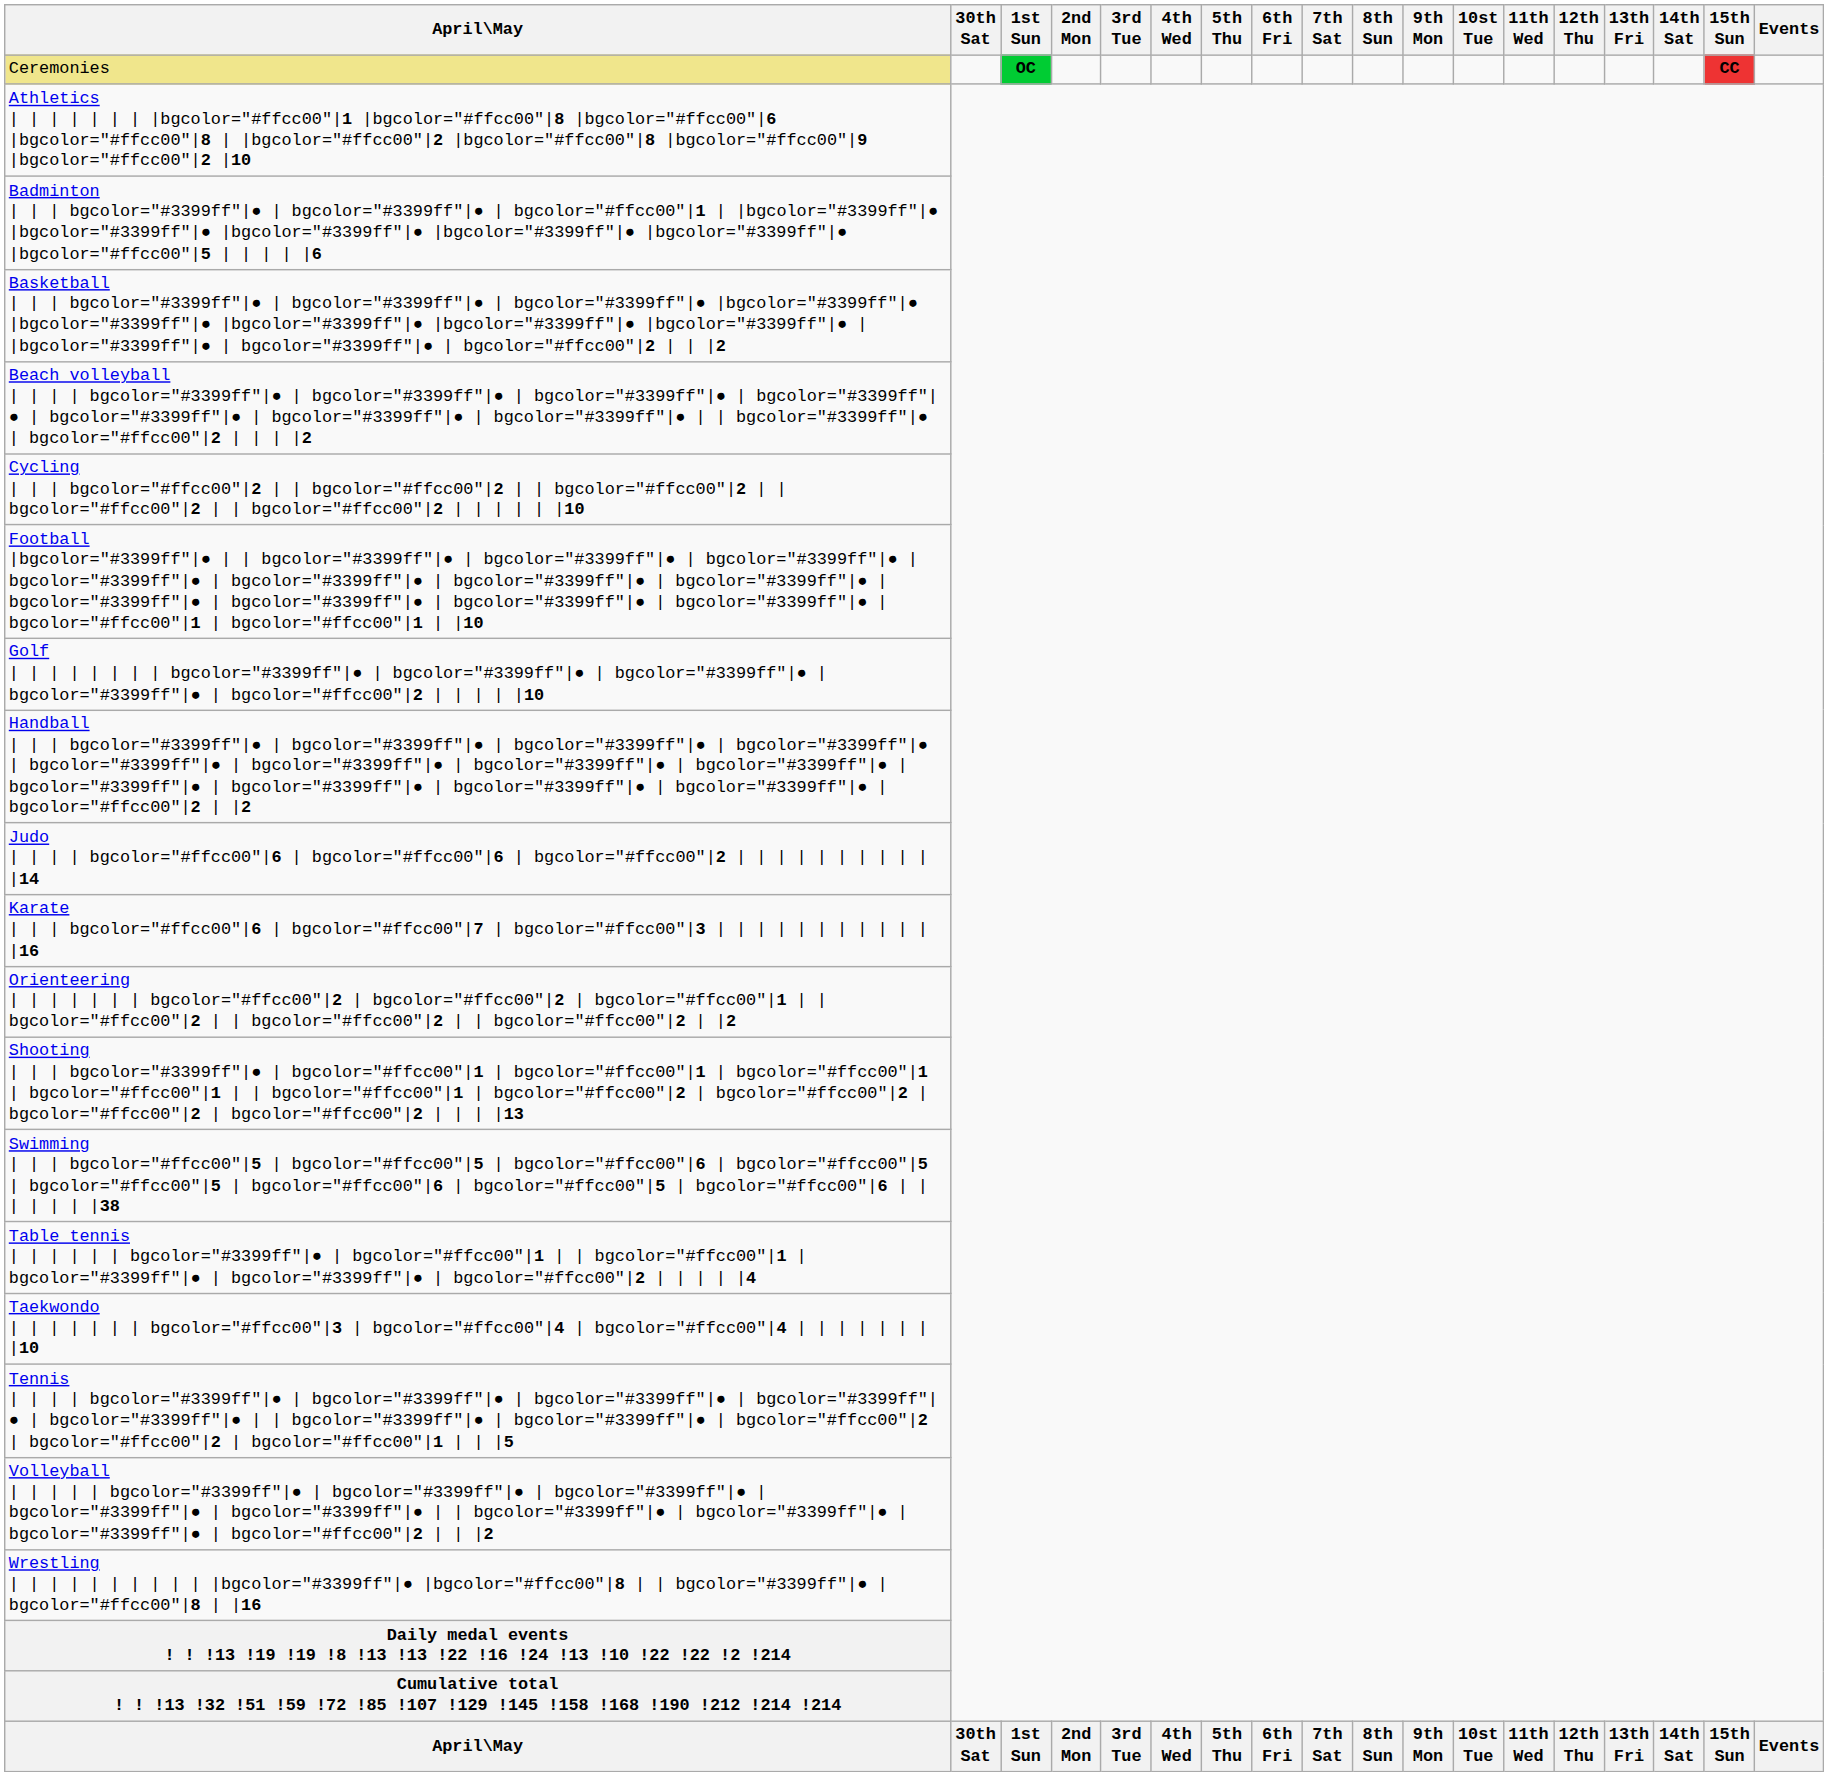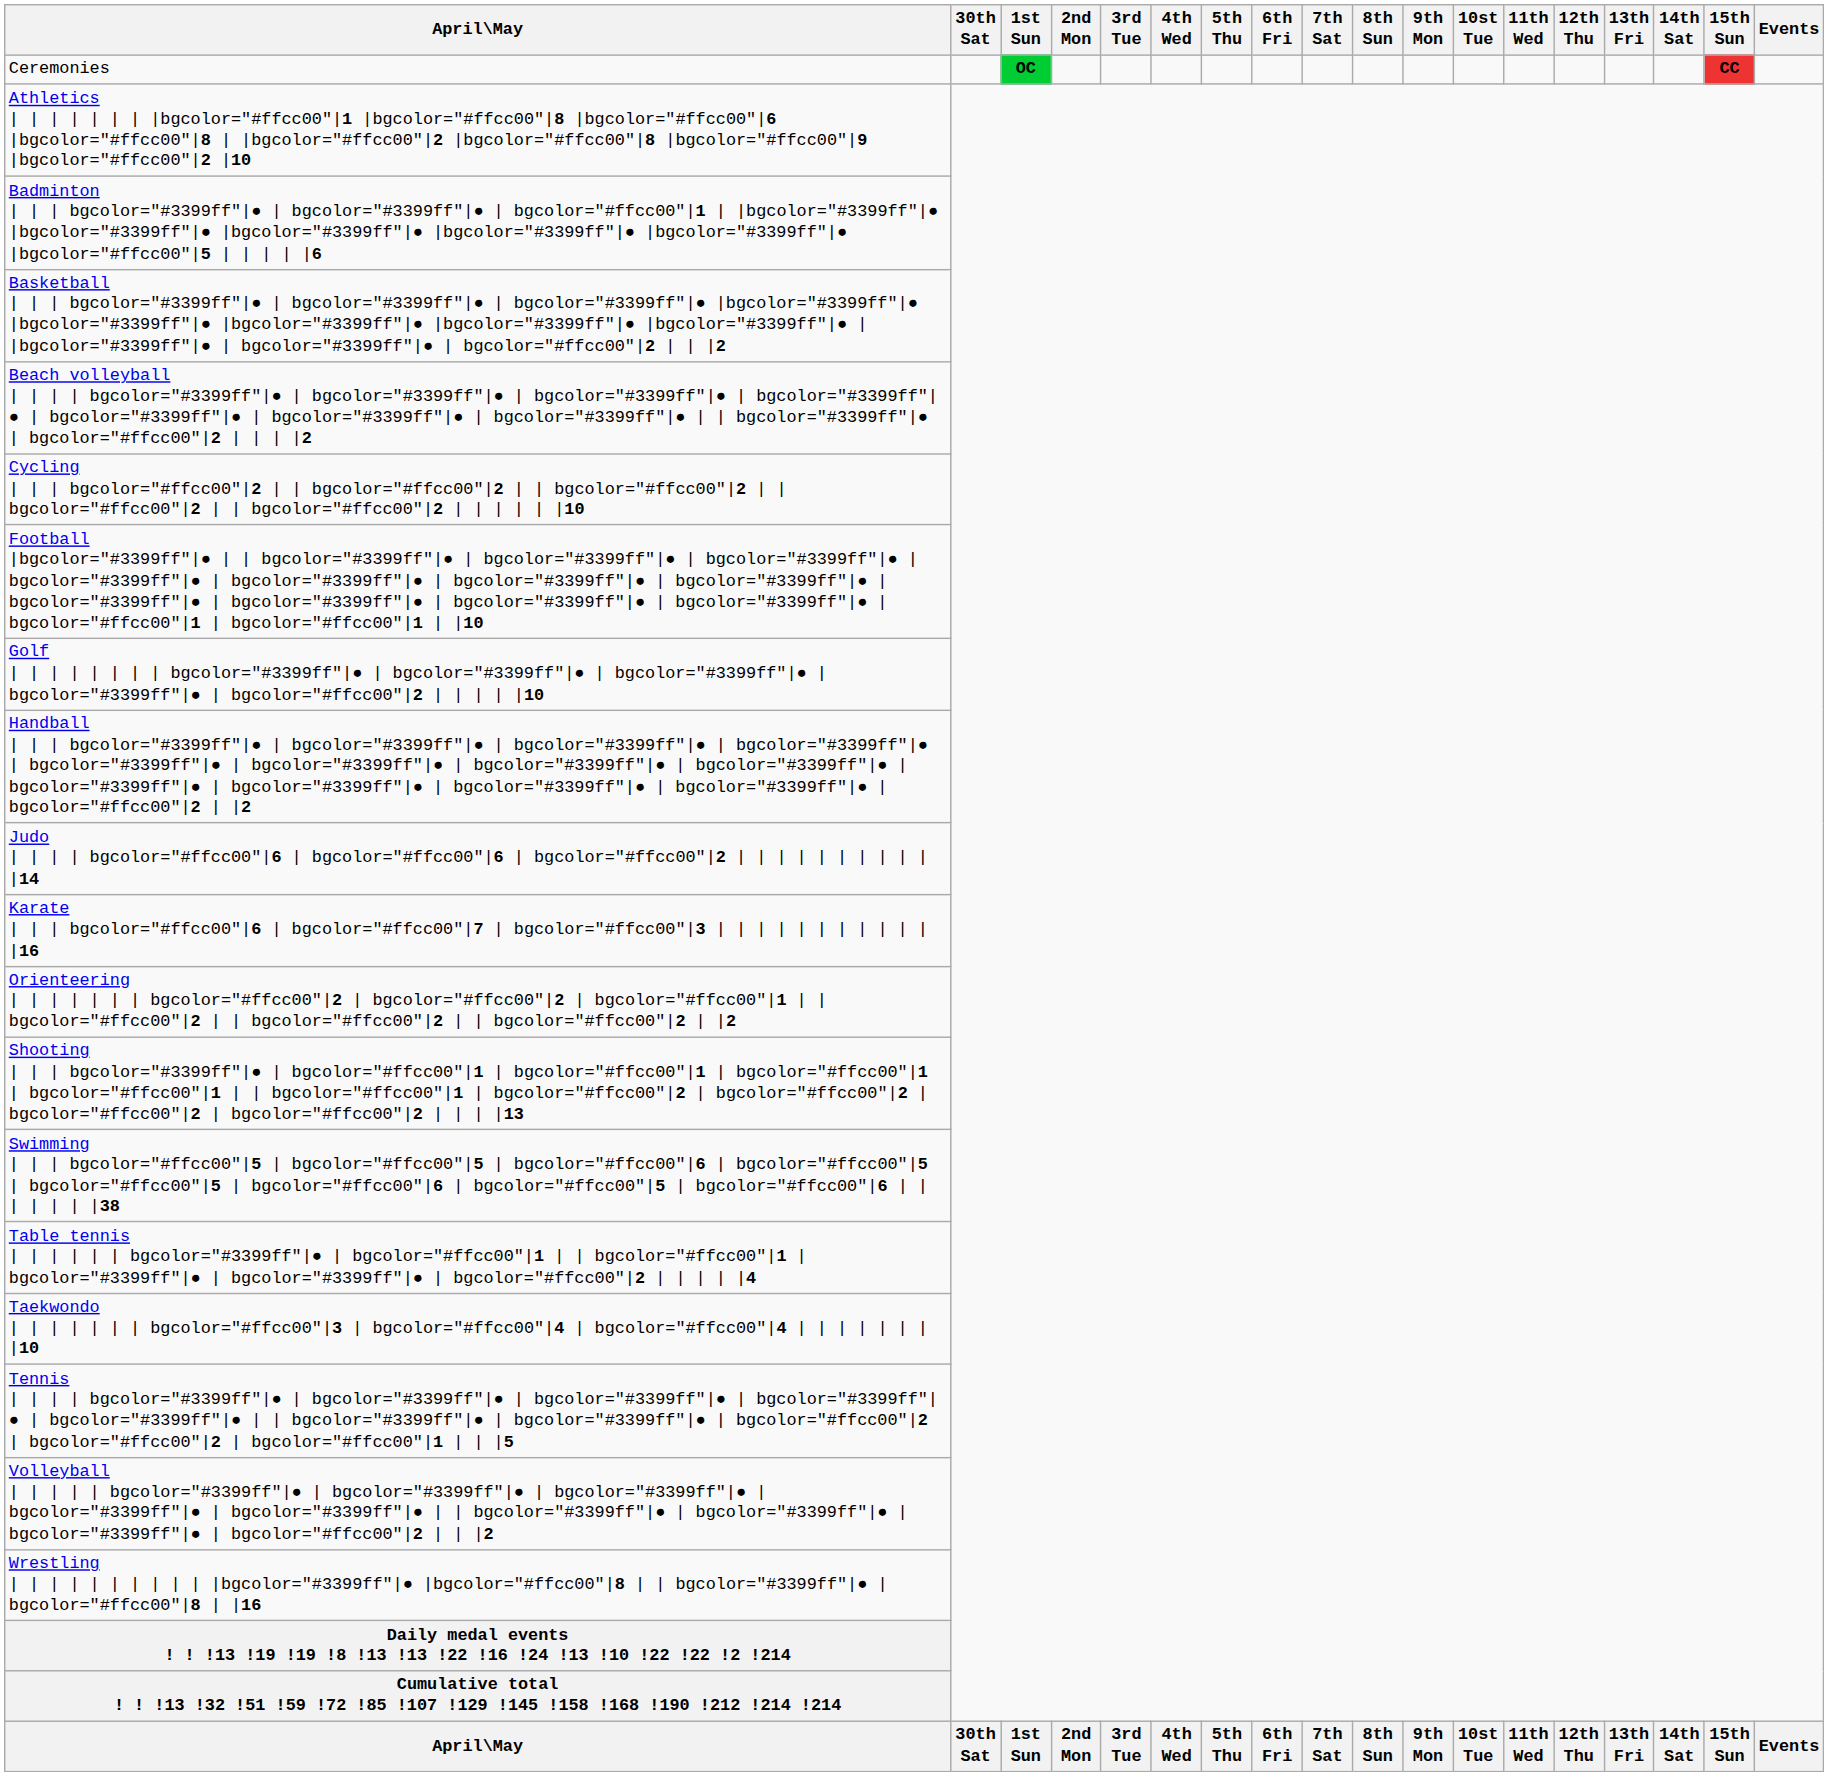 <table class="wikitable" style="margin:0.5em auto; font-size:90%; line-height:1.25em">
 <tr>
 <th>April\May</th>
 <th style="width:2.5em">30th <br> Sat</th>
 <th style="width:2.5em">1st <br> Sun</th>
 <th style="width:2.5em">2nd <br> Mon</th>
 <th style="width:2.5em">3rd <br> Tue</th>
 <th style="width:2.5em">4th <br> Wed</th>
 <th style="width:2.5em">5th <br> Thu</th>
 <th style="width:2.5em">6th <br> Fri</th>
 <th style="width:2.5em">7th <br> Sat</th>
 <th style="width:2.5em">8th <br> Sun</th>
 <th style="width:2.5em">9th <br> Mon</th>
 <th style="width:2.5em">10st <br> Tue</th>
 <th style="width:2.5em">11th <br> Wed</th>
 <th style="width:2.5em">12th <br> Thu</th>
 <th style="width:2.5em">13th <br> Fri</th>
 <th style="width:2.5em">14th <br> Sat</th>
 <th style="width:2.5em">15th <br> Sun</th>
 <th>Events</th>
 </tr>
 <tr>
-<td style="background: khaki;">Ceremonies</td>
+<td>Ceremonies</td>
 <td></td>
 <td style="background:#00cc33; text-align:center"><strong>OC</strong></td>
 <td></td>
 <td></td>
 <td></td>
 <td></td>
 <td></td>
 <td></td>
 <td></td>
 <td></td>
 <td></td>
 <td></td>
 <td></td>
 <td></td>
 <td></td>
 <td style="background:#ee3333; text-align:center"><strong>CC</strong></td>
 <td></td>
 </tr>
 <tr align="center">
 <td align="left"> <a href='#'>Athletics</a><br>| | |  |  |  | | |bgcolor="#ffcc00"|<strong>1</strong> |bgcolor="#ffcc00"|<strong>8</strong> |bgcolor="#ffcc00"|<strong>6</strong> |bgcolor="#ffcc00"|<strong>8</strong> | |bgcolor="#ffcc00"|<strong>2</strong> |bgcolor="#ffcc00"|<strong>8</strong> |bgcolor="#ffcc00"|<strong>9</strong> |bgcolor="#ffcc00"|<strong>2</strong> |<strong>10</strong></td>
 </tr>
 <tr align="center">
 <td align="left"> <a href='#'>Badminton</a><br>| | | bgcolor="#3399ff"|● | bgcolor="#3399ff"|● | bgcolor="#ffcc00"|<strong>1</strong> | |bgcolor="#3399ff"|● |bgcolor="#3399ff"|● |bgcolor="#3399ff"|● |bgcolor="#3399ff"|● |bgcolor="#3399ff"|● |bgcolor="#ffcc00"|<strong>5</strong> |  |  |  |  |<strong>6</strong></td>
 </tr>
 <tr align="center">
 <td align="left"> <a href='#'>Basketball</a><br>| | | bgcolor="#3399ff"|● | bgcolor="#3399ff"|● | bgcolor="#3399ff"|● |bgcolor="#3399ff"|● |bgcolor="#3399ff"|● |bgcolor="#3399ff"|● |bgcolor="#3399ff"|● |bgcolor="#3399ff"|● | |bgcolor="#3399ff"|● | bgcolor="#3399ff"|● | bgcolor="#ffcc00"|<strong>2</strong> |  |  |<strong>2</strong></td>
 </tr>
 <tr align="center">
 <td align="left"> <a href='#'>Beach volleyball</a><br>| | |   | bgcolor="#3399ff"|● | bgcolor="#3399ff"|● | bgcolor="#3399ff"|● | bgcolor="#3399ff"|● | bgcolor="#3399ff"|● | bgcolor="#3399ff"|● | bgcolor="#3399ff"|● |   | bgcolor="#3399ff"|● | bgcolor="#ffcc00"|<strong>2</strong> |   |  |  |<strong>2</strong></td>
 </tr>
 <tr align="center">
 <td align="left"> <a href='#'>Cycling</a><br>| | | bgcolor="#ffcc00"|<strong>2</strong> |  | bgcolor="#ffcc00"|<strong>2</strong> |  | bgcolor="#ffcc00"|<strong>2</strong> |  | bgcolor="#ffcc00"|<strong>2</strong> |  | bgcolor="#ffcc00"|<strong>2</strong> |  |   |   |  |  |<strong>10</strong></td>
 </tr>
 <tr align="center">
 <td align="left"> <a href='#'>Football</a><br>|bgcolor="#3399ff"|● | | bgcolor="#3399ff"|● | bgcolor="#3399ff"|● | bgcolor="#3399ff"|● | bgcolor="#3399ff"|● | bgcolor="#3399ff"|●  | bgcolor="#3399ff"|● | bgcolor="#3399ff"|● | bgcolor="#3399ff"|● | bgcolor="#3399ff"|● | bgcolor="#3399ff"|● | bgcolor="#3399ff"|●  | bgcolor="#ffcc00"|<strong>1</strong> | bgcolor="#ffcc00"|<strong>1</strong> |  |<strong>10</strong></td>
 </tr>
 <tr align="center">
 <td align="left"> <a href='#'>Golf</a><br>|  | |   |  |  |   |   | bgcolor="#3399ff"|● | bgcolor="#3399ff"|● | bgcolor="#3399ff"|● | bgcolor="#3399ff"|● | bgcolor="#ffcc00"|<strong>2</strong> |   |  |   |  |<strong>10</strong></td>
 </tr>
 <tr align="center">
 <td align="left"> <a href='#'>Handball</a><br>|  | | bgcolor="#3399ff"|●  | bgcolor="#3399ff"|● | bgcolor="#3399ff"|● | bgcolor="#3399ff"|●  |  bgcolor="#3399ff"|● | bgcolor="#3399ff"|● | bgcolor="#3399ff"|● | bgcolor="#3399ff"|● | bgcolor="#3399ff"|● | bgcolor="#3399ff"|● | bgcolor="#3399ff"|●  | bgcolor="#3399ff"|● | bgcolor="#ffcc00"|<strong>2</strong>  |  |<strong>2</strong></td>
 </tr>
 <tr align="center">
 <td align="left"> <a href='#'>Judo</a><br>|  | |   | bgcolor="#ffcc00"|<strong>6</strong>  | bgcolor="#ffcc00"|<strong>6</strong>  | bgcolor="#ffcc00"|<strong>2</strong>  |    |   |   |   |  |  |   |   |   |  |<strong>14</strong></td>
 </tr>
 <tr align="center">
 <td align="left"> <a href='#'>Karate</a><br>|  | | bgcolor="#ffcc00"|<strong>6</strong>   | bgcolor="#ffcc00"|<strong>7</strong>  | bgcolor="#ffcc00"|<strong>3</strong>  |  |    |   |   |   |  |  |   |   |   |  |<strong>16</strong></td>
 </tr>
 <tr align="center">
 <td align="left"> <a href='#'>Orienteering</a><br>|  | |  |  |  |  |  bgcolor="#ffcc00"|<strong>2</strong>    |  bgcolor="#ffcc00"|<strong>2</strong>   |  bgcolor="#ffcc00"|<strong>1</strong>   |   | bgcolor="#ffcc00"|<strong>2</strong>   |  |  bgcolor="#ffcc00"|<strong>2</strong>   |   |  bgcolor="#ffcc00"|<strong>2</strong>   |  |<strong>2</strong></td>
 </tr>
 <tr align="center">
 <td align="left"> <a href='#'>Shooting</a><br>|  | |  bgcolor="#3399ff"|●  |  bgcolor="#ffcc00"|<strong>1</strong>    |  bgcolor="#ffcc00"|<strong>1</strong>    |  bgcolor="#ffcc00"|<strong>1</strong>    |  bgcolor="#ffcc00"|<strong>1</strong>    |  |  bgcolor="#ffcc00"|<strong>1</strong>   |  bgcolor="#ffcc00"|<strong>2</strong>    | bgcolor="#ffcc00"|<strong>2</strong>   |  bgcolor="#ffcc00"|<strong>2</strong>    |  bgcolor="#ffcc00"|<strong>2</strong>   |   |   |  |<strong>13</strong></td>
 </tr>
 <tr align="center">
 <td align="left"> <a href='#'>Swimming</a><br>|  | |   bgcolor="#ffcc00"|<strong>5</strong>    |  bgcolor="#ffcc00"|<strong>5</strong>    |  bgcolor="#ffcc00"|<strong>6</strong>    |  bgcolor="#ffcc00"|<strong>5</strong>    |  bgcolor="#ffcc00"|<strong>5</strong>    |  bgcolor="#ffcc00"|<strong>6</strong>    |  bgcolor="#ffcc00"|<strong>5</strong>   |  bgcolor="#ffcc00"|<strong>6</strong>    |   |    |    |   |   |  |<strong>38</strong></td>
 </tr>
 <tr align="center">
 <td align="left"> <a href='#'>Table tennis</a><br>|  | |     |   |   |   bgcolor="#3399ff"|●  |  bgcolor="#ffcc00"|<strong>1</strong>    |    |  bgcolor="#ffcc00"|<strong>1</strong>   |   bgcolor="#3399ff"|●   |   bgcolor="#3399ff"|●  |   bgcolor="#ffcc00"|<strong>2</strong>   |    |   |   |  |<strong>4</strong></td>
 </tr>
 <tr align=center>
 <td align="left"> <a href='#'>Taekwondo</a><br>|  | |     |    |    |    |   bgcolor="#ffcc00"|<strong>3</strong>   |   bgcolor="#ffcc00"|<strong>4</strong>   |   bgcolor="#ffcc00"|<strong>4</strong>   |    |    |    |   |   |   |  |<strong>10</strong></td>
 </tr>
 <tr align=center>
 <td align="left"> <a href='#'>Tennis</a><br>|  | |     |   bgcolor="#3399ff"|●  |   bgcolor="#3399ff"|●  |   bgcolor="#3399ff"|●  |  bgcolor="#3399ff"|●  |   bgcolor="#3399ff"|●   |   |   bgcolor="#3399ff"|●   |   bgcolor="#3399ff"|●  |   bgcolor="#ffcc00"|<strong>2</strong>   |   bgcolor="#ffcc00"|<strong>2</strong>   |  bgcolor="#ffcc00"|<strong>1</strong>   |   |  |<strong>5</strong></td>
 </tr>
 <tr align=center>
 <td align="left"> <a href='#'>Volleyball</a><br>|  | |     |    |   bgcolor="#3399ff"|●  |   bgcolor="#3399ff"|●  |   bgcolor="#3399ff"|●  |   bgcolor="#3399ff"|●   |   bgcolor="#3399ff"|●   |     |   bgcolor="#3399ff"|●  |   bgcolor="#3399ff"|●  |    bgcolor="#3399ff"|●   |  bgcolor="#ffcc00"|<strong>2</strong>   |   |  |<strong>2</strong></td>
 </tr>
 <tr align=center>
 <td align="left"> <a href='#'>Wrestling</a><br>|  | |     |    |     |     |     |     |     |   |bgcolor="#3399ff"|●     |bgcolor="#ffcc00"|<strong>8</strong>   |        | bgcolor="#3399ff"|●         | bgcolor="#ffcc00"|<strong>8</strong>  |  |<strong>16</strong></td>
 </tr>
 <tr align=center>
 <th>Daily medal events<br>! ! !<strong>13</strong> !<strong>19</strong> !<strong>19</strong> !<strong>8</strong> !<strong>13</strong> !<strong>13</strong> !<strong>22</strong> !<strong>16</strong> !<strong>24</strong> !<strong>13</strong> !<strong>10</strong> !<strong>22</strong> !<strong>22</strong> !<strong>2</strong> !<strong>214</strong></th>
 </tr>
 <tr align=center>
 <th>Cumulative total<br>! ! !<strong>13</strong> !<strong>32</strong> !<strong>51</strong> !<strong>59</strong> !<strong>72</strong> !<strong>85</strong> !<strong>107</strong> !<strong>129</strong> !<strong>145</strong> !<strong>158</strong> !<strong>168</strong> !<strong>190</strong> !<strong>212</strong> !<strong>214</strong> !<strong>214</strong></th>
 </tr>
 <tr>
 <th>April\May</th>
 <th style="width:2.5em">30th <br> Sat</th>
 <th style="width:2.5em">1st <br> Sun</th>
 <th style="width:2.5em">2nd <br> Mon</th>
 <th style="width:2.5em">3rd <br> Tue</th>
 <th style="width:2.5em">4th <br> Wed</th>
 <th style="width:2.5em">5th <br> Thu</th>
 <th style="width:2.5em">6th <br> Fri</th>
 <th style="width:2.5em">7th <br> Sat</th>
 <th style="width:2.5em">8th <br> Sun</th>
 <th style="width:2.5em">9th <br> Mon</th>
 <th style="width:2.5em">10st <br> Tue</th>
 <th style="width:2.5em">11th <br> Wed</th>
 <th style="width:2.5em">12th <br> Thu</th>
 <th style="width:2.5em">13th <br> Fri</th>
 <th style="width:2.5em">14th <br> Sat</th>
 <th style="width:2.5em">15th <br> Sun</th>
 <th>Events</th>
 </tr>
 </table>
